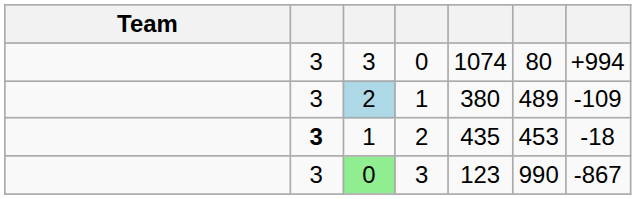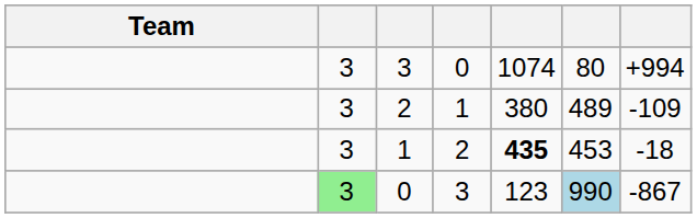 <table class="wikitable" style="text-align: center; font-size: 90%;">
 <tr>
 <th width=165>Team</th>
 <th width=25></th>
 <th width=25></th>
 <th width=25></th>
 <th width=25></th>
 <th width=25></th>
 <th width=25></th>
 </tr>
 <tr>
 <td style="text-align:left;"></td>
 <td>3</td>
 <td>3</td>
 <td>0</td>
 <td>1074</td>
 <td>80</td>
 <td>+994</td>
 </tr>
 <tr>
 <td style="text-align:left;"></td>
 <td>3</td>
-<td style="background: lightblue;">2</td>
+<td>2</td>
 <td>1</td>
 <td>380</td>
 <td>489</td>
 <td>-109</td>
 </tr>
 <tr>
 <td style="text-align:left;"></td>
-<td><strong>3</strong></td>
+<td>3</td>
 <td>1</td>
 <td>2</td>
-<td>435</td>
+<td><strong>435</strong></td>
 <td>453</td>
 <td>-18</td>
 </tr>
 <tr>
 <td style="text-align:left;"></td>
-<td>3</td>
-<td style="background: lightgreen;">0</td>
+<td style="background: lightgreen;">3</td>
+<td>0</td>
 <td>3</td>
 <td>123</td>
-<td>990</td>
+<td style="background: lightblue;">990</td>
 <td>-867</td>
 </tr>
 </table>
